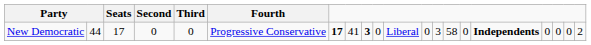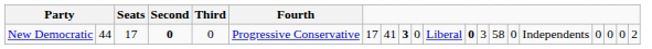 <table class="wikitable">
 <tr>
 <th colspan=2>Party</th>
 <th>Seats</th>
 <th>Second</th>
 <th>Third</th>
 <th>Fourth</th>
 </tr>
 <tr>
 <td><a href='#'>New Democratic</a></td>
 <td align=center>44</td>
 <td align=center>17</td>
-<td align=center>0</td>
+<td align=center><strong>0</strong></td>
 <td align=center>0<br></td>
 <td><a href='#'>Progressive Conservative</a></td>
-<td align=center><strong>17</strong></td>
+<td align=center>17</td>
 <td align=center>41</td>
 <td align=center><strong>3</strong></td>
 <td align=center>0<br></td>
 <td><a href='#'>Liberal</a></td>
-<td align=center>0</td>
+<td align=center><strong>0</strong></td>
 <td align=center>3</td>
 <td align=center>58</td>
 <td align=center>0<br></td>
-<td><strong>Independents</strong></td>
+<td>Independents</td>
 <td align=center>0</td>
 <td align=center>0</td>
 <td align=center>0</td>
 <td align=center>2</td>
 </tr>
 </table>
